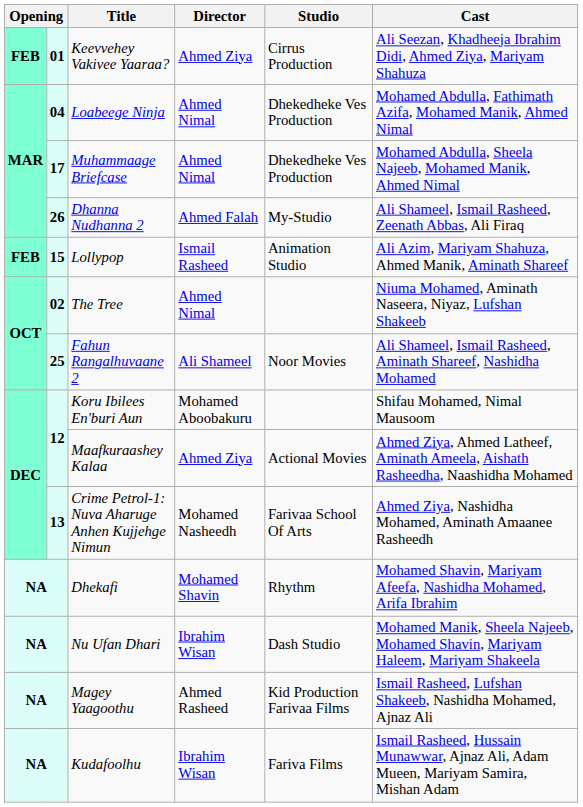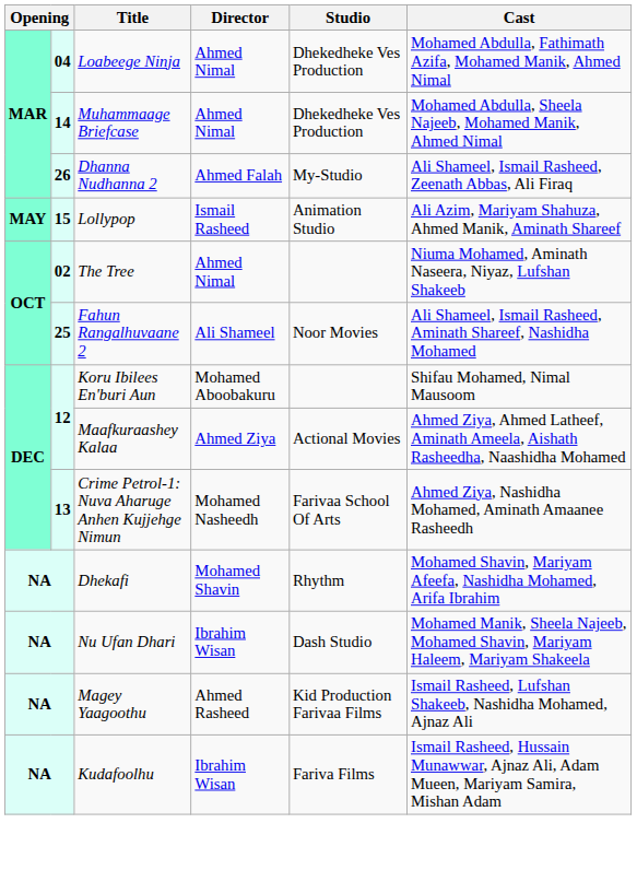 <table class="wikitable plainrowheaders" width="100%">
 <tr>
 <th scope="col" colspan="2" width=4%>Opening</th>
 <th scope="col" width=19%>Title</th>
 <th scope="col" width=16%>Director</th>
 <th scope="col" width=20%>Studio</th>
 <th scope="col" width=41%>Cast</th>
-</tr>
-<tr>
-<td style="text-align:center; background:#7FFFD4; textcolor:#000;"><strong>FEB</strong></td>
-<td style="text-align:center; background:#dbfff8;"><strong>01</strong></td>
-<td><em>Keevvehey Vakivee Yaaraa?</em></td>
-<td><a href='#'>Ahmed Ziya</a></td>
-<td>Cirrus Production</td>
-<td><a href='#'>Ali Seezan</a>, <a href='#'>Khadheeja Ibrahim Didi</a>, <a href='#'>Ahmed Ziya</a>, <a href='#'>Mariyam Shahuza</a></td>
 </tr>
 <tr>
 <td style="text-align:center; background:#7FFFD4; textcolor:#000;" rowspan="3"><strong>MAR</strong></td>
 <td style="text-align:center; background:#dbfff8;"><strong>04</strong></td>
 <td><em><a href='#'>Loabeege Ninja</a></em></td>
 <td><a href='#'>Ahmed Nimal</a></td>
 <td>Dhekedheke Ves Production</td>
 <td><a href='#'>Mohamed Abdulla</a>, <a href='#'>Fathimath Azifa</a>, <a href='#'>Mohamed Manik</a>, <a href='#'>Ahmed Nimal</a></td>
 </tr>
 <tr>
-<td style="text-align:center; background:#dbfff8;"><strong>17</strong></td>
+<td style="text-align:center; background:#dbfff8;"><strong>14</strong></td>
 <td><em><a href='#'>Muhammaage Briefcase</a></em></td>
 <td><a href='#'>Ahmed Nimal</a></td>
 <td>Dhekedheke Ves Production</td>
 <td><a href='#'>Mohamed Abdulla</a>, <a href='#'>Sheela Najeeb</a>, <a href='#'>Mohamed Manik</a>, <a href='#'>Ahmed Nimal</a></td>
 </tr>
 <tr>
 <td style="text-align:center; background:#dbfff8;"><strong>26</strong></td>
 <td><em><a href='#'>Dhanna Nudhanna 2</a></em></td>
 <td><a href='#'>Ahmed Falah</a></td>
 <td>My-Studio</td>
 <td><a href='#'>Ali Shameel</a>, <a href='#'>Ismail Rasheed</a>, <a href='#'>Zeenath Abbas</a>, Ali Firaq</td>
 </tr>
 <tr>
-<td style="text-align:center; background:#7FFFD4; textcolor:#000;"><strong>FEB</strong></td>
+<td style="text-align:center; background:#7FFFD4; textcolor:#000;"><strong>MAY</strong></td>
 <td style="text-align:center; background:#dbfff8;"><strong>15</strong></td>
 <td><em>Lollypop</em></td>
 <td><a href='#'>Ismail Rasheed</a></td>
 <td>Animation Studio</td>
 <td><a href='#'>Ali Azim</a>, <a href='#'>Mariyam Shahuza</a>, Ahmed Manik, <a href='#'>Aminath Shareef</a></td>
 </tr>
 <tr>
 <td rowspan="2" style="text-align:center; background:#7FFFD4; textcolor:#000;"><strong>OCT</strong></td>
 <td style="text-align:center; background:#dbfff8;"><strong>02</strong></td>
 <td><em>The Tree</em></td>
 <td><a href='#'>Ahmed Nimal</a></td>
 <td></td>
 <td><a href='#'>Niuma Mohamed</a>, Aminath Naseera, Niyaz, <a href='#'>Lufshan Shakeeb</a></td>
 </tr>
 <tr>
 <td style="text-align:center; background:#dbfff8;"><strong>25</strong></td>
 <td><em><a href='#'>Fahun Rangalhuvaane 2</a></em></td>
 <td><a href='#'>Ali Shameel</a></td>
 <td>Noor Movies</td>
 <td><a href='#'>Ali Shameel</a>, <a href='#'>Ismail Rasheed</a>, <a href='#'>Aminath Shareef</a>, <a href='#'>Nashidha Mohamed</a></td>
 </tr>
 <tr>
 <td style="text-align:center; background:#7FFFD4; textcolor:#000;" rowspan="3"><strong>DEC</strong></td>
 <td style="text-align:center; background:#dbfff8;" rowspan="2"><strong>12</strong></td>
 <td><em>Koru Ibilees En'buri Aun</em></td>
 <td>Mohamed Aboobakuru</td>
 <td></td>
 <td>Shifau Mohamed, Nimal Mausoom</td>
 </tr>
 <tr>
 <td><em>Maafkuraashey Kalaa</em></td>
 <td><a href='#'>Ahmed Ziya</a></td>
 <td>Actional Movies</td>
 <td><a href='#'>Ahmed Ziya</a>, Ahmed Latheef, <a href='#'>Aminath Ameela</a>, <a href='#'>Aishath Rasheedha</a>, Naashidha Mohamed</td>
 </tr>
 <tr>
 <td style="text-align:center; background:#dbfff8;"><strong>13</strong></td>
 <td><em>Crime Petrol-1: Nuva Aharuge Anhen Kujjehge Nimun</em></td>
 <td>Mohamed Nasheedh</td>
 <td>Farivaa School Of Arts</td>
 <td><a href='#'>Ahmed Ziya</a>, Nashidha Mohamed, Aminath Amaanee Rasheedh</td>
 </tr>
 <tr>
 <td style="text-align:center; background:#dbfff8;" colspan="2"><strong>NA</strong></td>
 <td><em>Dhekafi</em></td>
 <td><a href='#'>Mohamed Shavin</a></td>
 <td>Rhythm</td>
 <td><a href='#'>Mohamed Shavin</a>, <a href='#'>Mariyam Afeefa</a>, <a href='#'>Nashidha Mohamed</a>, <a href='#'>Arifa Ibrahim</a></td>
 </tr>
 <tr>
 <td style="text-align:center; background:#dbfff8;" colspan="2"><strong>NA</strong></td>
 <td><em>Nu Ufan Dhari</em></td>
 <td><a href='#'>Ibrahim Wisan</a></td>
 <td>Dash Studio</td>
 <td><a href='#'>Mohamed Manik</a>, <a href='#'>Sheela Najeeb</a>, <a href='#'>Mohamed Shavin</a>, <a href='#'>Mariyam Haleem</a>, <a href='#'>Mariyam Shakeela</a></td>
 </tr>
 <tr>
 <td style="text-align:center; background:#dbfff8;" colspan="2"><strong>NA</strong></td>
 <td><em>Magey Yaagoothu</em></td>
 <td>Ahmed Rasheed</td>
 <td>Kid Production<br>Farivaa Films</td>
 <td><a href='#'>Ismail Rasheed</a>, <a href='#'>Lufshan Shakeeb</a>, Nashidha Mohamed, Ajnaz Ali</td>
 </tr>
 <tr>
 <td style="text-align:center; background:#dbfff8;" colspan="2"><strong>NA</strong></td>
 <td><em>Kudafoolhu</em></td>
 <td><a href='#'>Ibrahim Wisan</a></td>
 <td>Fariva Films</td>
 <td><a href='#'>Ismail Rasheed</a>, <a href='#'>Hussain Munawwar</a>, Ajnaz Ali, Adam Mueen, Mariyam Samira, Mishan Adam</td>
 </tr>
 </table>
